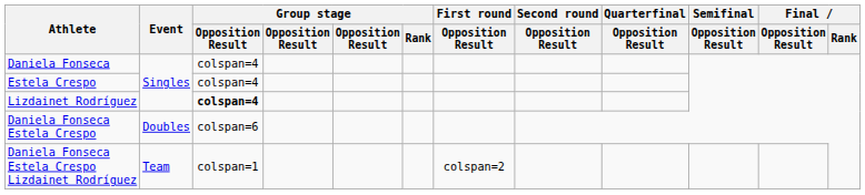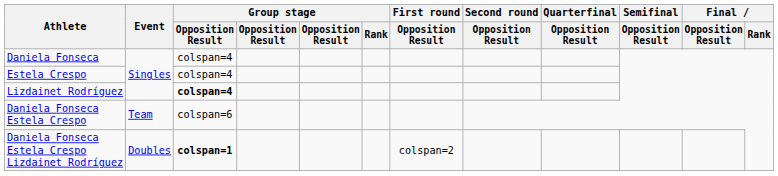 <table class=wikitable style=font-size:90%;text-align:center>
 <tr>
 <th rowspan=2>Athlete</th>
 <th rowspan=2>Event</th>
 <th colspan=4>Group stage</th>
 <th>First round</th>
 <th>Second round</th>
 <th>Quarterfinal</th>
 <th>Semifinal</th>
 <th colspan=2>Final / </th>
 </tr>
 <tr style=font-size:95%>
 <th>Opposition<br>Result</th>
 <th>Opposition<br>Result</th>
 <th>Opposition<br>Result</th>
 <th>Rank</th>
 <th>Opposition<br>Result</th>
 <th>Opposition<br>Result</th>
 <th>Opposition<br>Result</th>
 <th>Opposition<br>Result</th>
 <th>Opposition<br>Result</th>
 <th>Rank</th>
 </tr>
 <tr>
 <td align=left><a href='#'>Daniela Fonseca</a></td>
 <td align=left rowspan=3><a href='#'>Singles</a></td>
 <td>colspan=4 </td>
 <td></td>
 <td></td>
 <td></td>
 <td></td>
 <td></td>
 <td></td>
 </tr>
 <tr>
 <td align=left><a href='#'>Estela Crespo</a></td>
 <td>colspan=4 </td>
 <td></td>
 <td></td>
 <td></td>
 <td></td>
 <td></td>
 <td></td>
 </tr>
 <tr>
 <td align=left><a href='#'>Lizdainet Rodríguez</a></td>
 <td><strong>colspan=4 </strong></td>
 <td></td>
 <td></td>
 <td></td>
 <td></td>
 <td></td>
 <td></td>
 </tr>
 <tr>
 <td align=left><a href='#'>Daniela Fonseca</a><br><a href='#'>Estela Crespo</a></td>
-<td align=left><a href='#'>Doubles</a></td>
+<td align=left><a href='#'>Team</a></td>
 <td>colspan=6 </td>
 <td></td>
 <td></td>
 <td></td>
 <td></td>
 </tr>
 <tr>
 <td align=left><a href='#'>Daniela Fonseca</a><br><a href='#'>Estela Crespo</a><br><a href='#'>Lizdainet Rodríguez</a></td>
-<td align=left><a href='#'>Team</a></td>
-<td>colspan=1 </td>
+<td align=left><a href='#'>Doubles</a></td>
+<td><strong>colspan=1 </strong></td>
 <td></td>
 <td></td>
 <td></td>
 <td>colspan=2 </td>
 <td></td>
 <td></td>
 <td></td>
 <td></td>
 </tr>
 </table>
